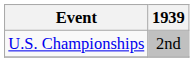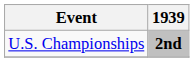 <table class="wikitable">
 <tr>
 <th>Event</th>
 <th>1939</th>
 </tr>
 <tr>
 <td><a href='#'>U.S. Championships</a></td>
-<td align="center" bgcolor="silver">2nd</td>
+<td align="center" bgcolor="silver"><strong>2nd</strong></td>
 </tr>
 <tr>
 </tr>
 </table>
